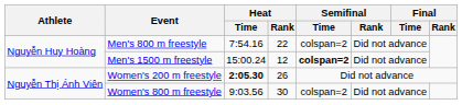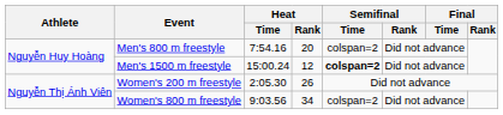 <table class=wikitable style="font-size:90%">
 <tr>
 <th rowspan="2">Athlete</th>
 <th rowspan="2">Event</th>
 <th colspan="2">Heat</th>
 <th colspan="2">Semifinal</th>
 <th colspan="2">Final</th>
 </tr>
 <tr style="font-size:95%">
 <th>Time</th>
 <th>Rank</th>
 <th>Time</th>
 <th>Rank</th>
 <th>Time</th>
 <th>Rank</th>
 </tr>
 <tr align=center>
 <td align=left rowspan=2><a href='#'>Nguyễn Huy Hoàng</a></td>
 <td align=left><a href='#'>Men's 800 m freestyle</a></td>
 <td>7:54.16</td>
-<td>22</td>
+<td>20</td>
 <td>colspan=2 </td>
 <td colspan=2>Did not advance</td>
 </tr>
 <tr align=center>
 <td align=left><a href='#'>Men's 1500 m freestyle</a></td>
 <td>15:00.24</td>
 <td>12</td>
 <td><strong>colspan=2 </strong></td>
 <td colspan=2>Did not advance</td>
 </tr>
 <tr align=center>
 <td align=left rowspan=2><a href='#'>Nguyễn Thị Ánh Viên</a></td>
 <td align=left><a href='#'>Women's 200 m freestyle</a></td>
-<td><strong>2:05.30</strong></td>
+<td>2:05.30</td>
 <td>26</td>
 <td colspan=4>Did not advance</td>
 </tr>
 <tr align=center>
 <td align=left><a href='#'>Women's 800 m freestyle</a></td>
 <td>9:03.56</td>
-<td>30</td>
+<td>34</td>
 <td>colspan=2 </td>
 <td colspan=2>Did not advance</td>
 </tr>
 </table>
